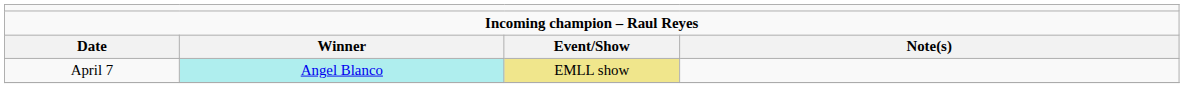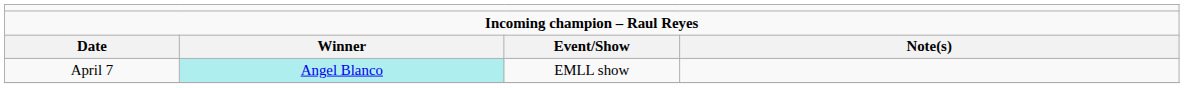 <table class="wikitable" style="text-align:center; width:100%;">
 <tr>
 <td colspan=5></td>
 </tr>
 <tr>
 <td colspan=5><strong>Incoming champion – Raul Reyes</strong></td>
 </tr>
 <tr>
 <th width=14%>Date</th>
 <th width=26%>Winner</th>
 <th width=14%>Event/Show</th>
 <th width=40%>Note(s)</th>
 </tr>
 <tr>
 <td>April 7</td>
 <td style="background: paleturquoise;"><a href='#'>Angel Blanco</a></td>
-<td style="background: khaki;">EMLL show</td>
+<td>EMLL show</td>
 <td></td>
 </tr>
 <tr>
 </tr>
 </table>
